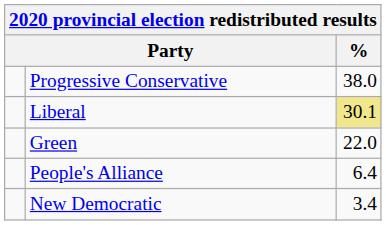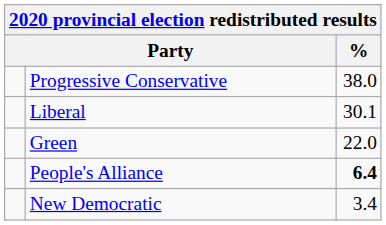 <table class="wikitable">
 <tr>
 <th colspan="4"><a href='#'>2020 provincial election</a> redistributed results</th>
 </tr>
 <tr>
 <th bgcolor="#DDDDFF" width="130px" colspan="2">Party</th>
 <th bgcolor="#DDDDFF" width="30px">%</th>
 </tr>
 <tr>
 <td> </td>
 <td><a href='#'>Progressive Conservative</a></td>
 <td align=right>38.0</td>
 </tr>
 <tr>
 <td> </td>
 <td><a href='#'>Liberal</a></td>
-<td align=right style="background: khaki;">30.1</td>
+<td align=right>30.1</td>
 </tr>
 <tr>
 <td> </td>
 <td><a href='#'>Green</a></td>
 <td align=right>22.0</td>
 </tr>
 <tr>
 <td> </td>
 <td><a href='#'>People's Alliance</a></td>
-<td align=right>6.4</td>
+<td align=right><strong>6.4</strong></td>
 </tr>
 <tr>
 <td> </td>
 <td><a href='#'>New Democratic</a></td>
 <td align=right>3.4</td>
 </tr>
 </table>
